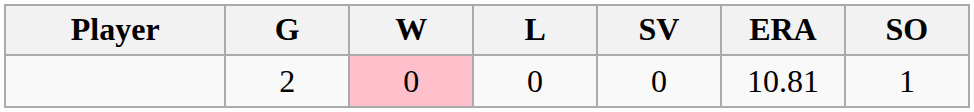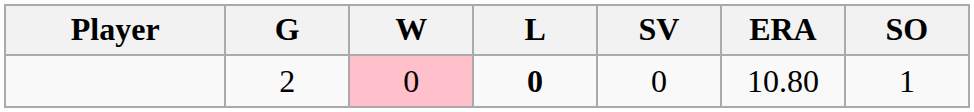 <table class="wikitable sortable">
 <tr>
 <th bgcolor="#DDDDFF" width="16%">Player</th>
 <th bgcolor="#DDDDFF" width="9%">G</th>
 <th bgcolor="#DDDDFF" width="9%">W</th>
 <th bgcolor="#DDDDFF" width="9%">L</th>
 <th bgcolor="#DDDDFF" width="9%">SV</th>
 <th bgcolor="#DDDDFF" width="9%">ERA</th>
 <th bgcolor="#DDDDFF" width="9%">SO</th>
 </tr>
 <tr align="center">
 <td></td>
 <td>2</td>
 <td style="background: pink;">0</td>
+<td><strong>0</strong></td>
 <td>0</td>
-<td>0</td>
-<td>10.81</td>
+<td>10.80</td>
 <td>1</td>
 </tr>
 </table>
